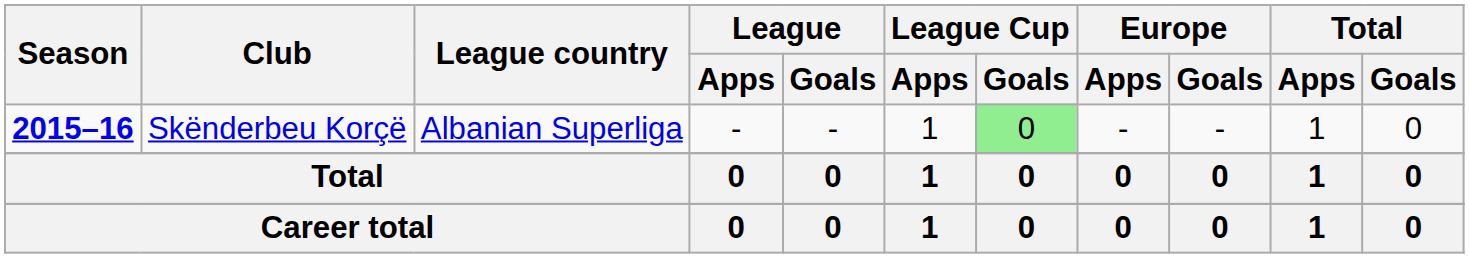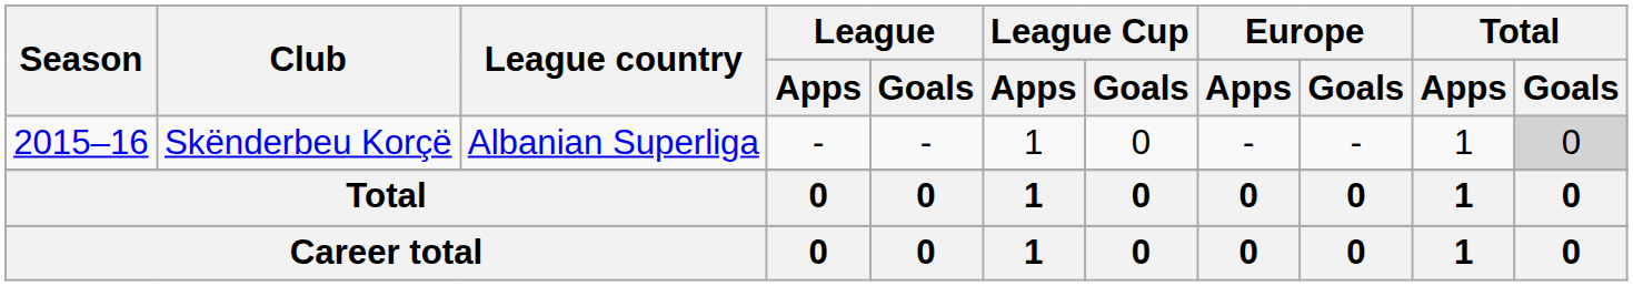 <table class="wikitable" style="text-align: center;">
 <tr>
 <th rowspan="2">Season</th>
 <th rowspan="2">Club</th>
 <th rowspan="2">League country</th>
 <th colspan="2">League</th>
 <th colspan="2">League Cup</th>
 <th colspan="2">Europe</th>
 <th colspan="2">Total</th>
 </tr>
 <tr>
 <th>Apps</th>
 <th>Goals</th>
 <th>Apps</th>
 <th>Goals</th>
 <th>Apps</th>
 <th>Goals</th>
 <th>Apps</th>
 <th>Goals</th>
 </tr>
 <tr>
-<td rowspan="1"><strong><a href='#'>2015–16</a></strong></td>
+<td rowspan="1"><a href='#'>2015–16</a></td>
 <td rowspan="1" valign="center"><a href='#'>Skënderbeu Korçë</a></td>
 <td rowspan="1"><a href='#'>Albanian Superliga</a></td>
 <td>-</td>
 <td>-</td>
 <td>1</td>
-<td style="background: lightgreen;">0</td>
+<td>0</td>
 <td>-</td>
 <td>-</td>
 <td>1</td>
-<td>0</td>
+<td style="background: lightgrey;">0</td>
 </tr>
 <tr>
 </tr>
 <tr>
 <th colspan="3" valign="center">Total</th>
 <th>0</th>
 <th>0</th>
 <th>1</th>
 <th>0</th>
 <th>0</th>
 <th>0</th>
 <th>1</th>
 <th>0</th>
 </tr>
 <tr>
 </tr>
 <tr>
 <th colspan="3">Career total</th>
 <th>0</th>
 <th>0</th>
 <th>1</th>
 <th>0</th>
 <th>0</th>
 <th>0</th>
 <th>1</th>
 <th>0</th>
 </tr>
 </table>
